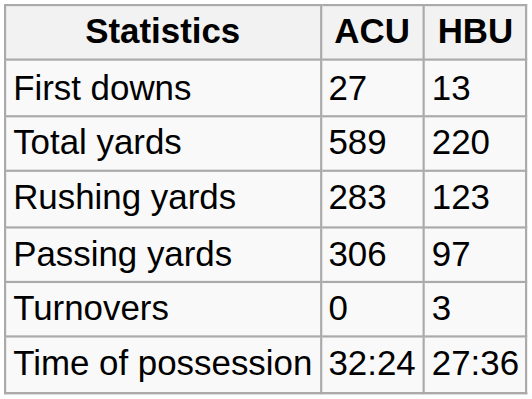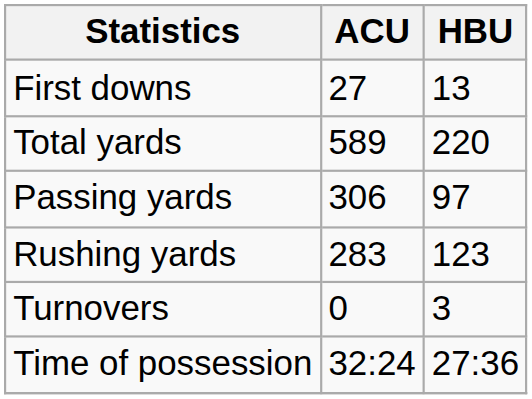 <table class="wikitable">
 <tr>
 <th>Statistics</th>
 <th>ACU</th>
 <th>HBU</th>
 </tr>
 <tr>
 <td>First downs</td>
 <td>27</td>
 <td>13</td>
 </tr>
 <tr>
 <td>Total yards</td>
 <td>589</td>
 <td>220</td>
 </tr>
 <tr>
+<td>Passing yards</td>
+<td>306</td>
+<td>97</td>
+</tr>
+<tr>
 <td>Rushing yards</td>
 <td>283</td>
 <td>123</td>
-</tr>
-<tr>
-<td>Passing yards</td>
-<td>306</td>
-<td>97</td>
 </tr>
 <tr>
 <td>Turnovers</td>
 <td>0</td>
 <td>3</td>
 </tr>
 <tr>
 <td>Time of possession</td>
 <td>32:24</td>
 <td>27:36</td>
 </tr>
 <tr>
 </tr>
 </table>
